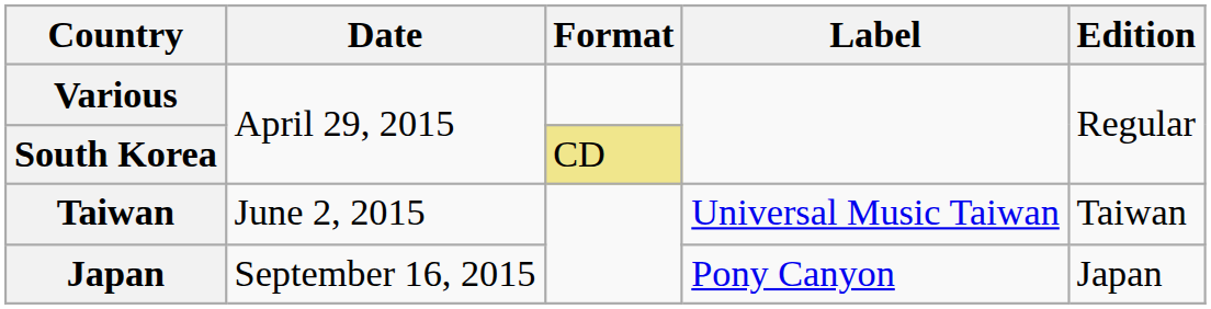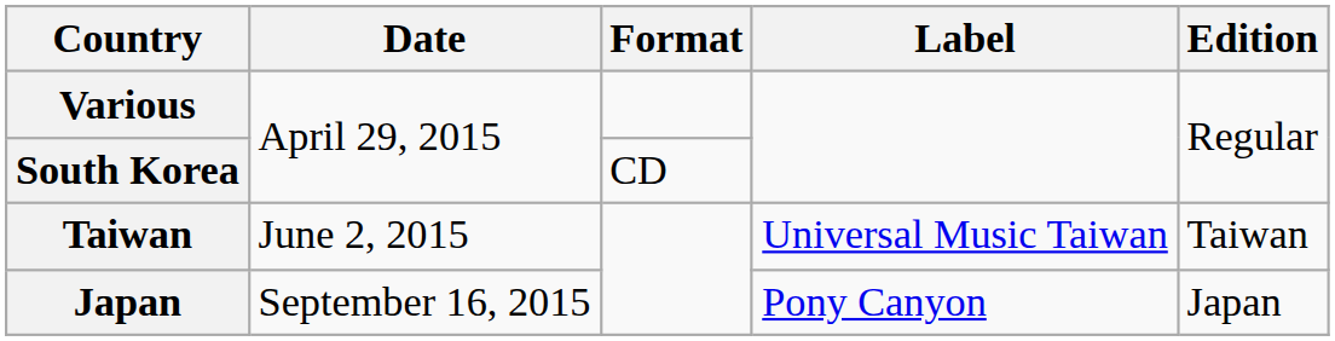 <table class="wikitable">
 <tr>
 <th>Country</th>
 <th>Date</th>
 <th>Format</th>
 <th>Label</th>
 <th>Edition</th>
 </tr>
 <tr>
 <th scope="row">Various</th>
 <td rowspan="2">April 29, 2015</td>
 <td></td>
 <td rowspan="2"></td>
 <td rowspan="2">Regular</td>
 </tr>
 <tr>
 <th scope="row">South Korea</th>
-<td style="background: khaki;">CD</td>
+<td>CD</td>
 </tr>
 <tr>
 <th scope="row">Taiwan</th>
 <td>June 2, 2015</td>
 <td rowspan="2"></td>
 <td><a href='#'> Universal Music Taiwan</a></td>
 <td>Taiwan</td>
 </tr>
 <tr>
 <th scope="row">Japan</th>
 <td>September 16, 2015</td>
 <td><a href='#'>Pony Canyon</a></td>
 <td>Japan</td>
 </tr>
 </table>
